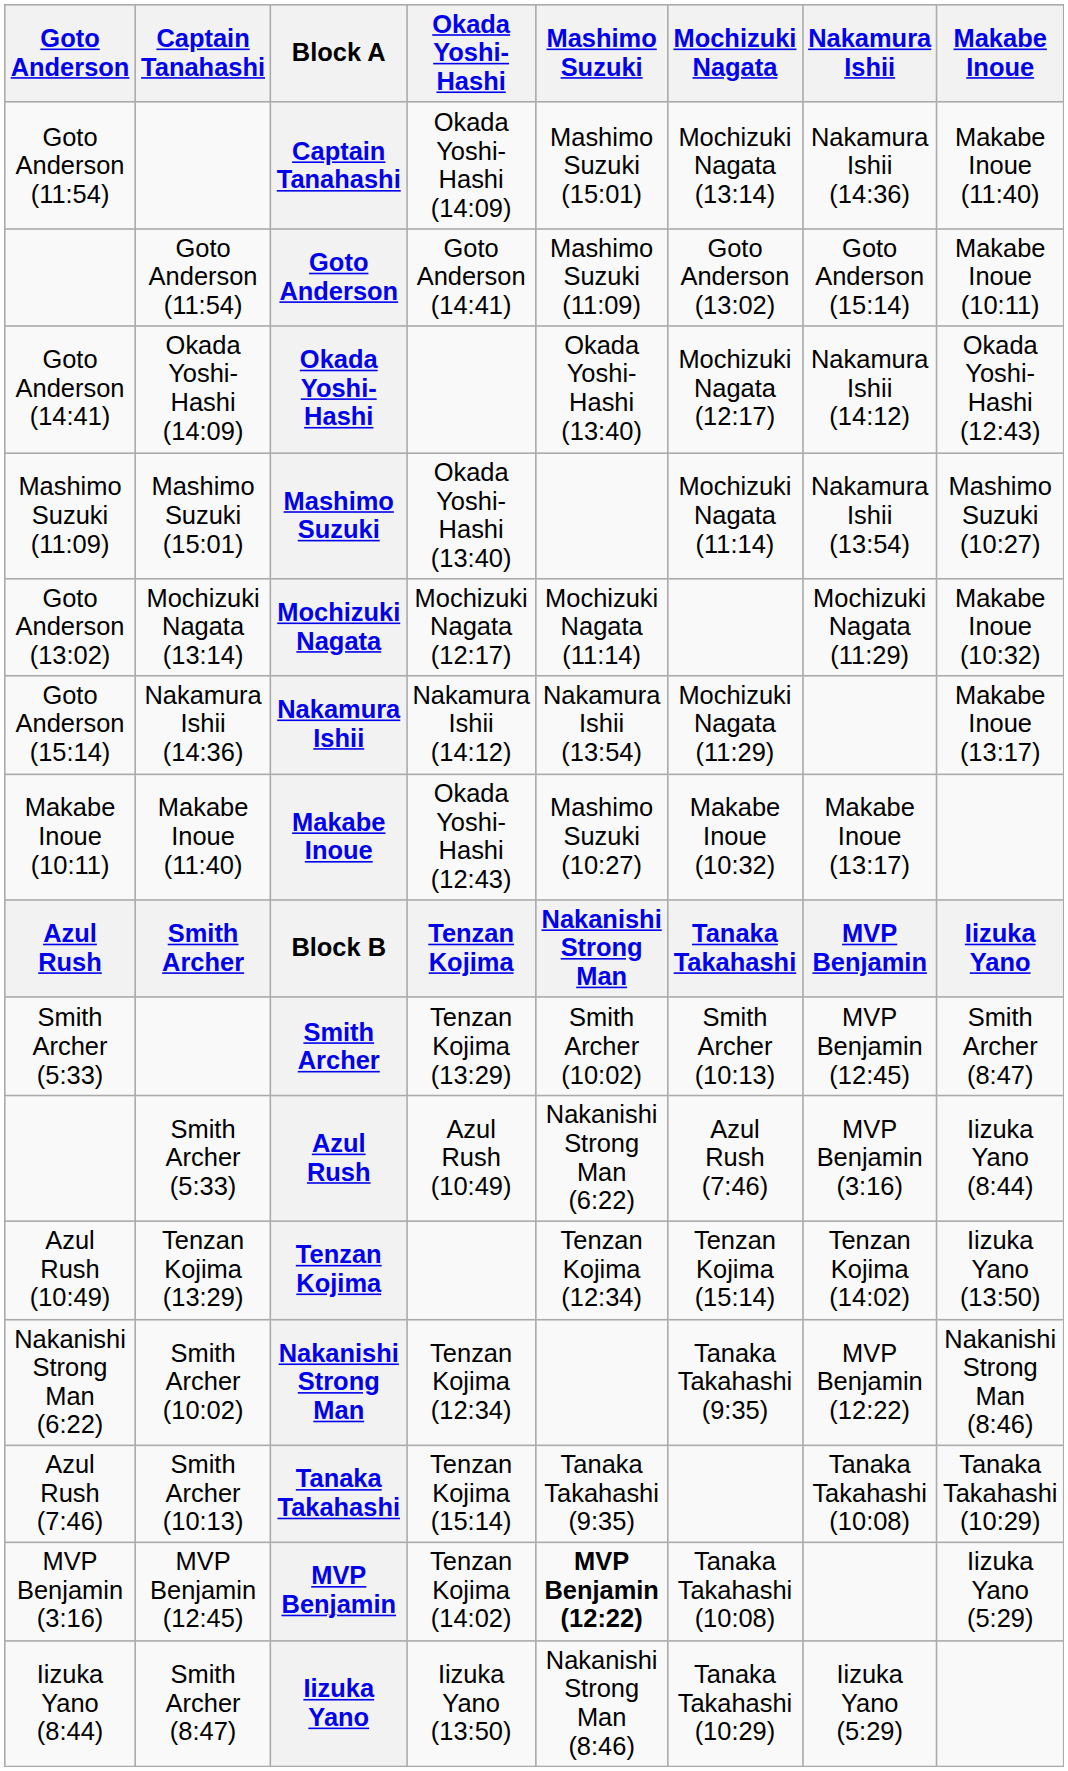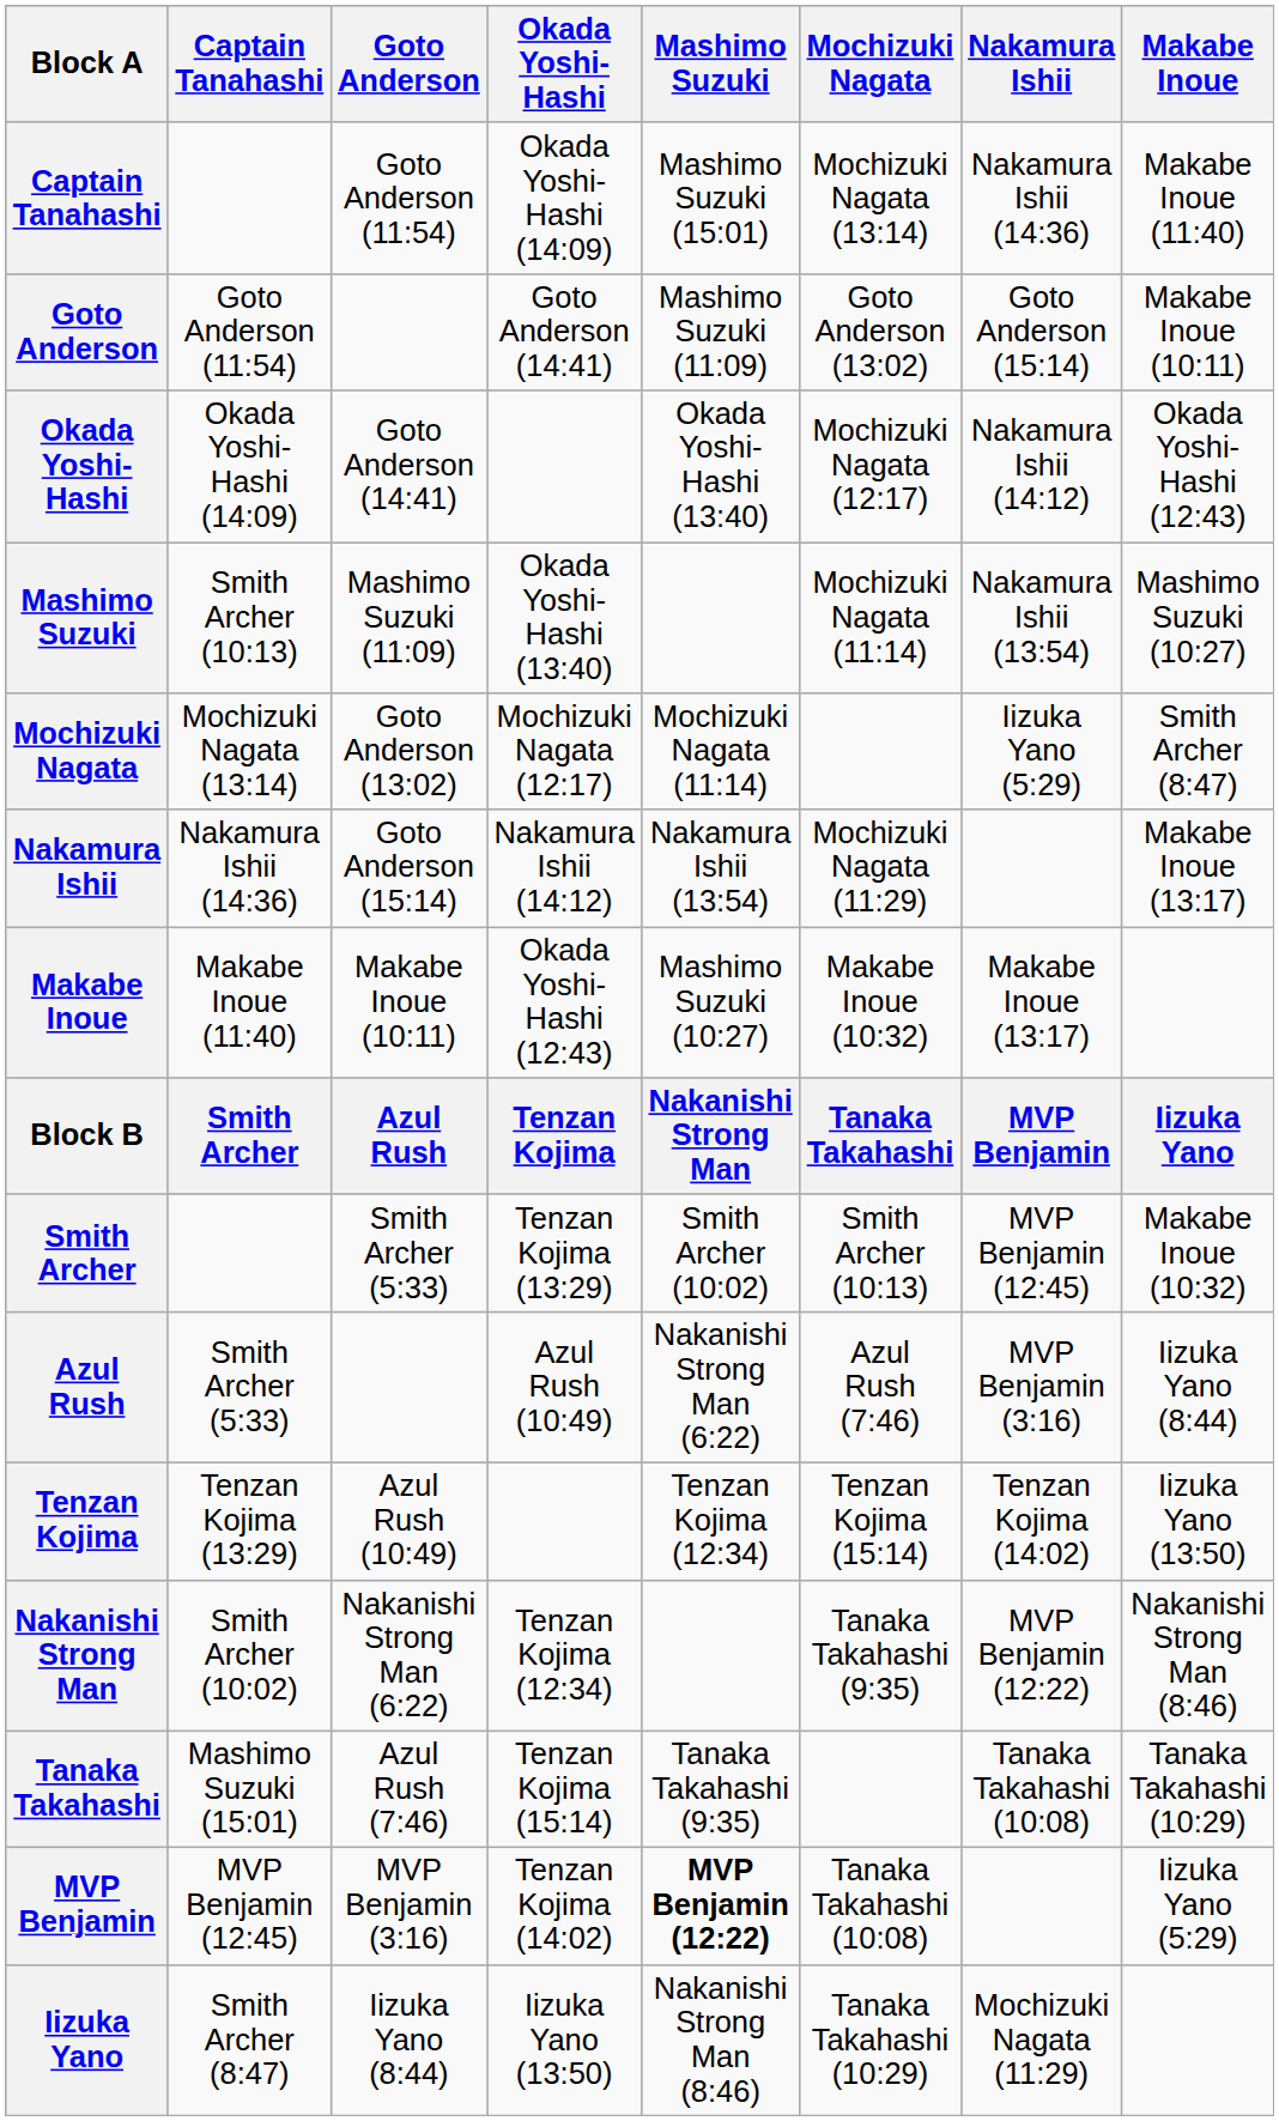 <table class="wikitable" style="text-align:center; margin: 1em auto 1em auto">
 <tr align="center">
+<th>Block A</th>
+<th><a href='#'>Captain</a><br><a href='#'>Tanahashi</a></th>
 <th><a href='#'>Goto</a><br><a href='#'>Anderson</a></th>
-<th><a href='#'>Captain</a><br><a href='#'>Tanahashi</a></th>
-<th>Block A</th>
 <th><a href='#'>Okada</a><br><a href='#'>Yoshi-Hashi</a></th>
 <th><a href='#'>Mashimo</a><br><a href='#'>Suzuki</a></th>
 <th><a href='#'>Mochizuki</a><br><a href='#'>Nagata</a></th>
 <th><a href='#'>Nakamura</a><br><a href='#'>Ishii</a></th>
 <th><a href='#'>Makabe</a><br><a href='#'>Inoue</a></th>
 </tr>
 <tr align="center">
+<th><a href='#'>Captain</a><br><a href='#'>Tanahashi</a></th>
+<td></td>
 <td>Goto<br>Anderson<br>(11:54)</td>
-<td></td>
-<th><a href='#'>Captain</a><br><a href='#'>Tanahashi</a></th>
 <td>Okada<br>Yoshi-Hashi<br>(14:09)</td>
 <td>Mashimo<br>Suzuki<br>(15:01)</td>
 <td>Mochizuki<br>Nagata<br>(13:14)</td>
 <td>Nakamura<br>Ishii<br>(14:36)</td>
 <td>Makabe<br>Inoue<br>(11:40)</td>
 </tr>
 <tr align="center">
+<th><a href='#'>Goto</a><br><a href='#'>Anderson</a></th>
+<td>Goto<br>Anderson<br>(11:54)</td>
 <td></td>
-<td>Goto<br>Anderson<br>(11:54)</td>
-<th><a href='#'>Goto</a><br><a href='#'>Anderson</a></th>
 <td>Goto<br>Anderson<br>(14:41)</td>
 <td>Mashimo<br>Suzuki<br>(11:09)</td>
 <td>Goto<br>Anderson<br>(13:02)</td>
 <td>Goto<br>Anderson<br>(15:14)</td>
 <td>Makabe<br>Inoue<br>(10:11)</td>
 </tr>
 <tr align="center">
+<th><a href='#'>Okada</a><br><a href='#'>Yoshi-Hashi</a></th>
+<td>Okada<br>Yoshi-Hashi<br>(14:09)</td>
 <td>Goto<br>Anderson<br>(14:41)</td>
-<td>Okada<br>Yoshi-Hashi<br>(14:09)</td>
-<th><a href='#'>Okada</a><br><a href='#'>Yoshi-Hashi</a></th>
 <td></td>
 <td>Okada<br>Yoshi-Hashi<br>(13:40)</td>
 <td>Mochizuki<br>Nagata<br>(12:17)</td>
 <td>Nakamura<br>Ishii<br>(14:12)</td>
 <td>Okada<br>Yoshi-Hashi<br>(12:43)</td>
 </tr>
 <tr align="center">
+<th><a href='#'>Mashimo</a><br><a href='#'>Suzuki</a></th>
+<td>Smith<br>Archer<br>(10:13)</td>
 <td>Mashimo<br>Suzuki<br>(11:09)</td>
-<td>Mashimo<br>Suzuki<br>(15:01)</td>
-<th><a href='#'>Mashimo</a><br><a href='#'>Suzuki</a></th>
 <td>Okada<br>Yoshi-Hashi<br>(13:40)</td>
 <td></td>
 <td>Mochizuki<br>Nagata<br>(11:14)</td>
 <td>Nakamura<br>Ishii<br>(13:54)</td>
 <td>Mashimo<br>Suzuki<br>(10:27)</td>
 </tr>
 <tr align="center">
+<th><a href='#'>Mochizuki</a><br><a href='#'>Nagata</a></th>
+<td>Mochizuki<br>Nagata<br>(13:14)</td>
 <td>Goto<br>Anderson<br>(13:02)</td>
-<td>Mochizuki<br>Nagata<br>(13:14)</td>
-<th><a href='#'>Mochizuki</a><br><a href='#'>Nagata</a></th>
 <td>Mochizuki<br>Nagata<br>(12:17)</td>
 <td>Mochizuki<br>Nagata<br>(11:14)</td>
 <td></td>
-<td>Mochizuki<br>Nagata<br>(11:29)</td>
-<td>Makabe<br>Inoue<br>(10:32)</td>
+<td>Iizuka<br>Yano<br>(5:29)</td>
+<td>Smith<br>Archer<br>(8:47)</td>
 </tr>
 <tr align="center">
+<th><a href='#'>Nakamura</a><br><a href='#'>Ishii</a></th>
+<td>Nakamura<br>Ishii<br>(14:36)</td>
 <td>Goto<br>Anderson<br>(15:14)</td>
-<td>Nakamura<br>Ishii<br>(14:36)</td>
-<th><a href='#'>Nakamura</a><br><a href='#'>Ishii</a></th>
 <td>Nakamura<br>Ishii<br>(14:12)</td>
 <td>Nakamura<br>Ishii<br>(13:54)</td>
 <td>Mochizuki<br>Nagata<br>(11:29)</td>
 <td></td>
 <td>Makabe<br>Inoue<br>(13:17)</td>
 </tr>
 <tr align="center">
+<th><a href='#'>Makabe</a><br><a href='#'>Inoue</a></th>
+<td>Makabe<br>Inoue<br>(11:40)</td>
 <td>Makabe<br>Inoue<br>(10:11)</td>
-<td>Makabe<br>Inoue<br>(11:40)</td>
-<th><a href='#'>Makabe</a><br><a href='#'>Inoue</a></th>
 <td>Okada<br>Yoshi-Hashi<br>(12:43)</td>
 <td>Mashimo<br>Suzuki<br>(10:27)</td>
 <td>Makabe<br>Inoue<br>(10:32)</td>
 <td>Makabe<br>Inoue<br>(13:17)</td>
 <td></td>
 </tr>
 <tr align="center">
+<th>Block B</th>
+<th><a href='#'>Smith</a><br><a href='#'>Archer</a></th>
 <th><a href='#'>Azul</a><br><a href='#'>Rush</a></th>
-<th><a href='#'>Smith</a><br><a href='#'>Archer</a></th>
-<th>Block B</th>
 <th><a href='#'>Tenzan</a><br><a href='#'>Kojima</a></th>
 <th><a href='#'>Nakanishi</a><br><a href='#'>Strong Man</a></th>
 <th><a href='#'>Tanaka</a><br><a href='#'>Takahashi</a></th>
 <th><a href='#'>MVP</a><br><a href='#'>Benjamin</a></th>
 <th><a href='#'>Iizuka</a><br><a href='#'>Yano</a></th>
 </tr>
 <tr align="center">
+<th><a href='#'>Smith</a><br><a href='#'>Archer</a></th>
+<td></td>
 <td>Smith<br>Archer<br>(5:33)</td>
-<td></td>
-<th><a href='#'>Smith</a><br><a href='#'>Archer</a></th>
 <td>Tenzan<br>Kojima<br>(13:29)</td>
 <td>Smith<br>Archer<br>(10:02)</td>
 <td>Smith<br>Archer<br>(10:13)</td>
 <td>MVP<br>Benjamin<br>(12:45)</td>
-<td>Smith<br>Archer<br>(8:47)</td>
+<td>Makabe<br>Inoue<br>(10:32)</td>
 </tr>
 <tr align="center">
+<th><a href='#'>Azul</a><br><a href='#'>Rush</a></th>
+<td>Smith<br>Archer<br>(5:33)</td>
 <td></td>
-<td>Smith<br>Archer<br>(5:33)</td>
-<th><a href='#'>Azul</a><br><a href='#'>Rush</a></th>
 <td>Azul<br>Rush<br>(10:49)</td>
 <td>Nakanishi<br>Strong Man<br>(6:22)</td>
 <td>Azul<br>Rush<br>(7:46)</td>
 <td>MVP<br>Benjamin<br>(3:16)</td>
 <td>Iizuka<br>Yano<br>(8:44)</td>
 </tr>
 <tr align="center">
+<th><a href='#'>Tenzan</a><br><a href='#'>Kojima</a></th>
+<td>Tenzan<br>Kojima<br>(13:29)</td>
 <td>Azul<br>Rush<br>(10:49)</td>
-<td>Tenzan<br>Kojima<br>(13:29)</td>
-<th><a href='#'>Tenzan</a><br><a href='#'>Kojima</a></th>
 <td></td>
 <td>Tenzan<br>Kojima<br>(12:34)</td>
 <td>Tenzan<br>Kojima<br>(15:14)</td>
 <td>Tenzan<br>Kojima<br>(14:02)</td>
 <td>Iizuka<br>Yano<br>(13:50)</td>
 </tr>
 <tr align="center">
+<th><a href='#'>Nakanishi</a><br><a href='#'>Strong Man</a></th>
+<td>Smith<br>Archer<br>(10:02)</td>
 <td>Nakanishi<br>Strong Man<br>(6:22)</td>
-<td>Smith<br>Archer<br>(10:02)</td>
-<th><a href='#'>Nakanishi</a><br><a href='#'>Strong Man</a></th>
 <td>Tenzan<br>Kojima<br>(12:34)</td>
 <td></td>
 <td>Tanaka<br>Takahashi<br>(9:35)</td>
 <td>MVP<br>Benjamin<br>(12:22)</td>
 <td>Nakanishi<br>Strong Man<br>(8:46)</td>
 </tr>
 <tr align="center">
+<th><a href='#'>Tanaka</a><br><a href='#'>Takahashi</a></th>
+<td>Mashimo<br>Suzuki<br>(15:01)</td>
 <td>Azul<br>Rush<br>(7:46)</td>
-<td>Smith<br>Archer<br>(10:13)</td>
-<th><a href='#'>Tanaka</a><br><a href='#'>Takahashi</a></th>
 <td>Tenzan<br>Kojima<br>(15:14)</td>
 <td>Tanaka<br>Takahashi<br>(9:35)</td>
 <td></td>
 <td>Tanaka<br>Takahashi<br>(10:08)</td>
 <td>Tanaka<br>Takahashi<br>(10:29)</td>
 </tr>
 <tr align="center">
+<th><a href='#'>MVP</a><br><a href='#'>Benjamin</a></th>
+<td>MVP<br>Benjamin<br>(12:45)</td>
 <td>MVP<br>Benjamin<br>(3:16)</td>
-<td>MVP<br>Benjamin<br>(12:45)</td>
-<th><a href='#'>MVP</a><br><a href='#'>Benjamin</a></th>
 <td>Tenzan<br>Kojima<br>(14:02)</td>
 <td><strong>MVP<br>Benjamin<br>(12:22)</strong></td>
 <td>Tanaka<br>Takahashi<br>(10:08)</td>
 <td></td>
 <td>Iizuka<br>Yano<br>(5:29)</td>
 </tr>
 <tr align="center">
+<th><a href='#'>Iizuka</a><br><a href='#'>Yano</a></th>
+<td>Smith<br>Archer<br>(8:47)</td>
 <td>Iizuka<br>Yano<br>(8:44)</td>
-<td>Smith<br>Archer<br>(8:47)</td>
-<th><a href='#'>Iizuka</a><br><a href='#'>Yano</a></th>
 <td>Iizuka<br>Yano<br>(13:50)</td>
 <td>Nakanishi<br>Strong Man<br>(8:46)</td>
 <td>Tanaka<br>Takahashi<br>(10:29)</td>
-<td>Iizuka<br>Yano<br>(5:29)</td>
+<td>Mochizuki<br>Nagata<br>(11:29)</td>
 <td></td>
 </tr>
 </table>
